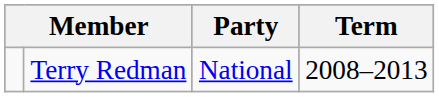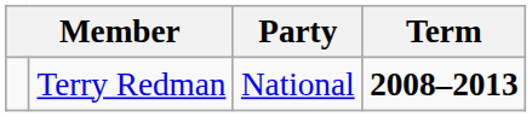 <table class="wikitable">
 <tr>
 <th colspan="2">Member</th>
 <th>Party</th>
 <th>Term</th>
 </tr>
 <tr>
 <td> </td>
 <td><a href='#'>Terry Redman</a></td>
 <td><a href='#'>National</a></td>
-<td>2008–2013</td>
+<td><strong>2008–2013</strong></td>
 </tr>
 </table>
